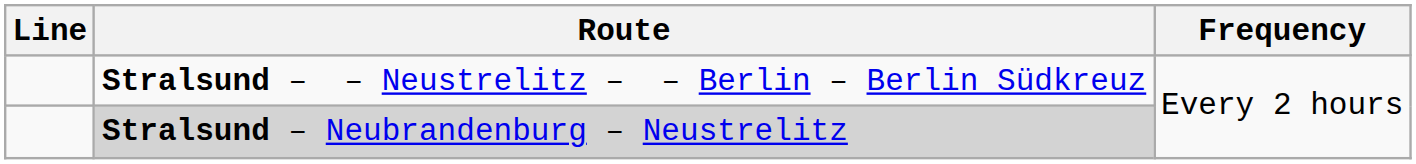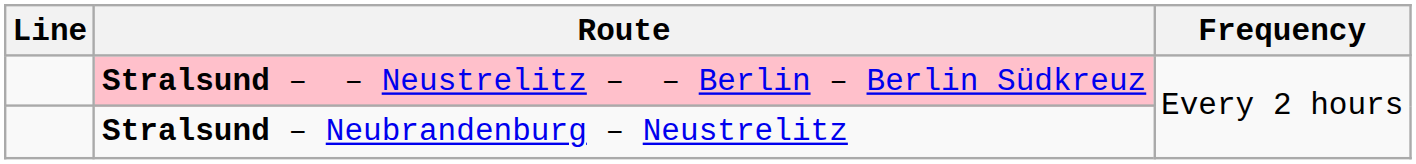 <table class="wikitable">
 <tr>
 <th>Line</th>
 <th>Route</th>
 <th>Frequency</th>
 </tr>
 <tr>
 <td align="center"></td>
-<td><strong>Stralsund</strong> –  – <a href='#'>Neustrelitz</a> –  – <a href='#'>Berlin</a> – <a href='#'>Berlin Südkreuz</a></td>
+<td style="background: pink;"><strong>Stralsund</strong> –  – <a href='#'>Neustrelitz</a> –  – <a href='#'>Berlin</a> – <a href='#'>Berlin Südkreuz</a></td>
 <td rowspan="2">Every 2 hours</td>
 </tr>
 <tr>
 <td></td>
-<td style="background: lightgrey;"><strong>Stralsund</strong> – <a href='#'>Neubrandenburg</a> – <a href='#'>Neustrelitz</a></td>
+<td><strong>Stralsund</strong> – <a href='#'>Neubrandenburg</a> – <a href='#'>Neustrelitz</a></td>
 </tr>
 </table>
